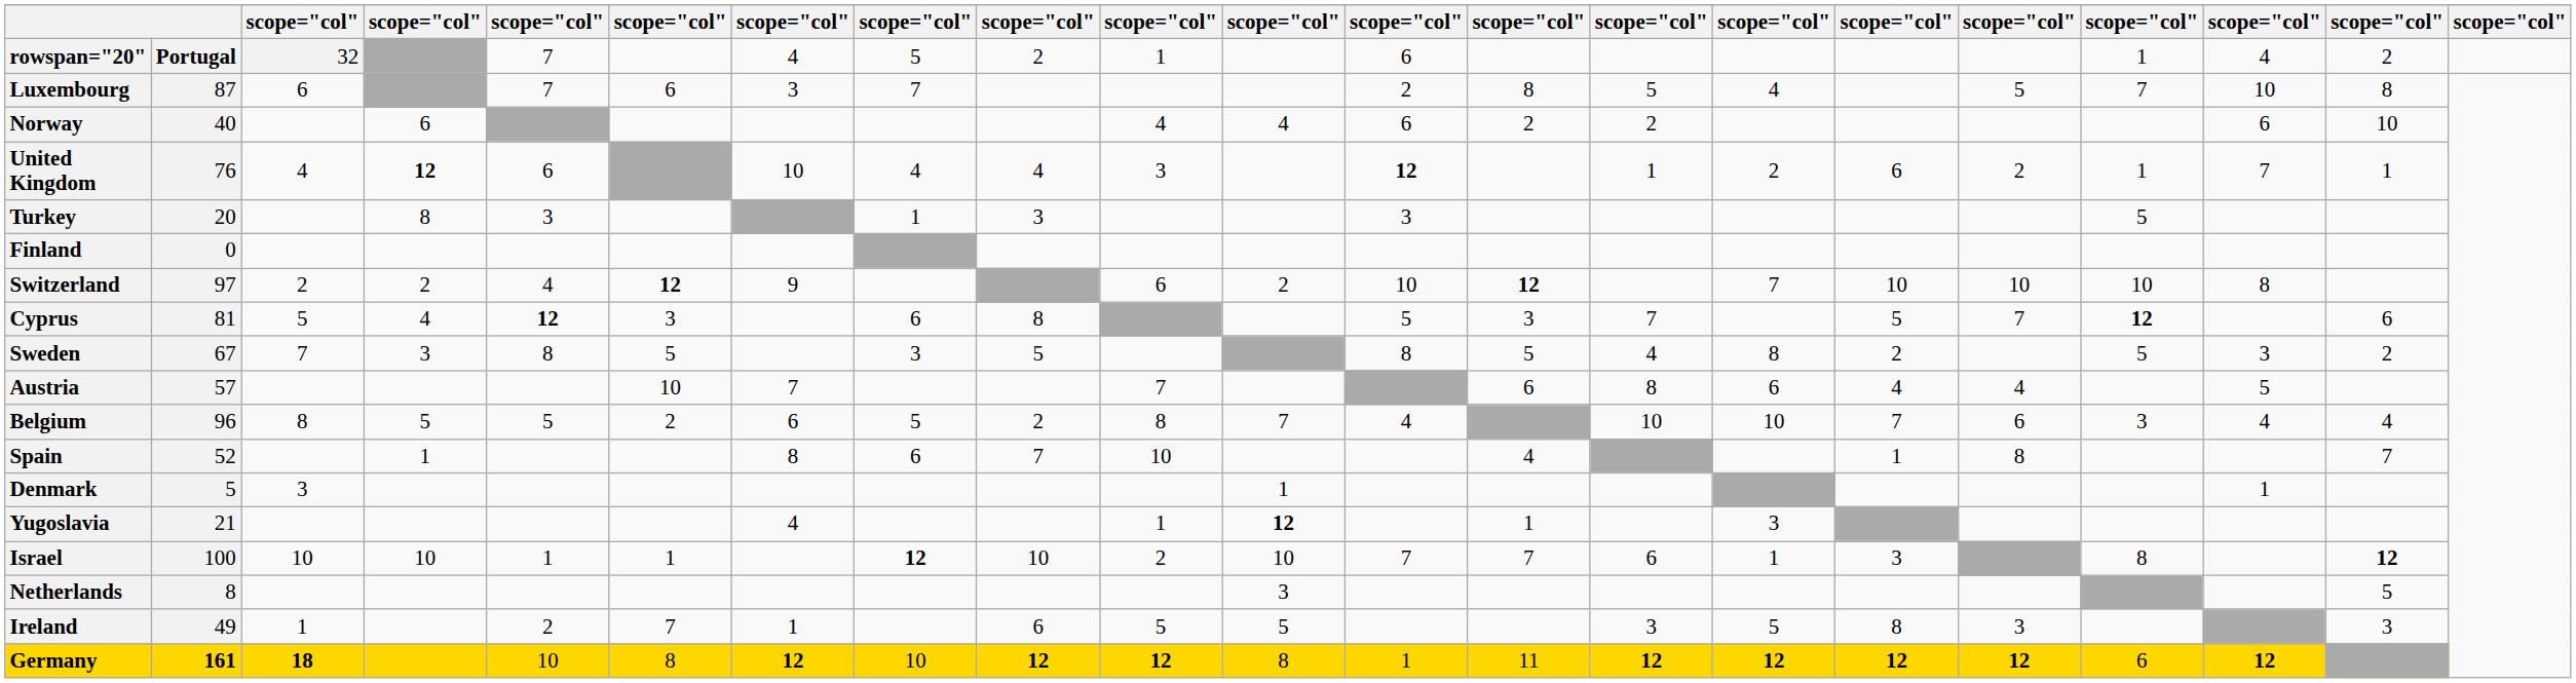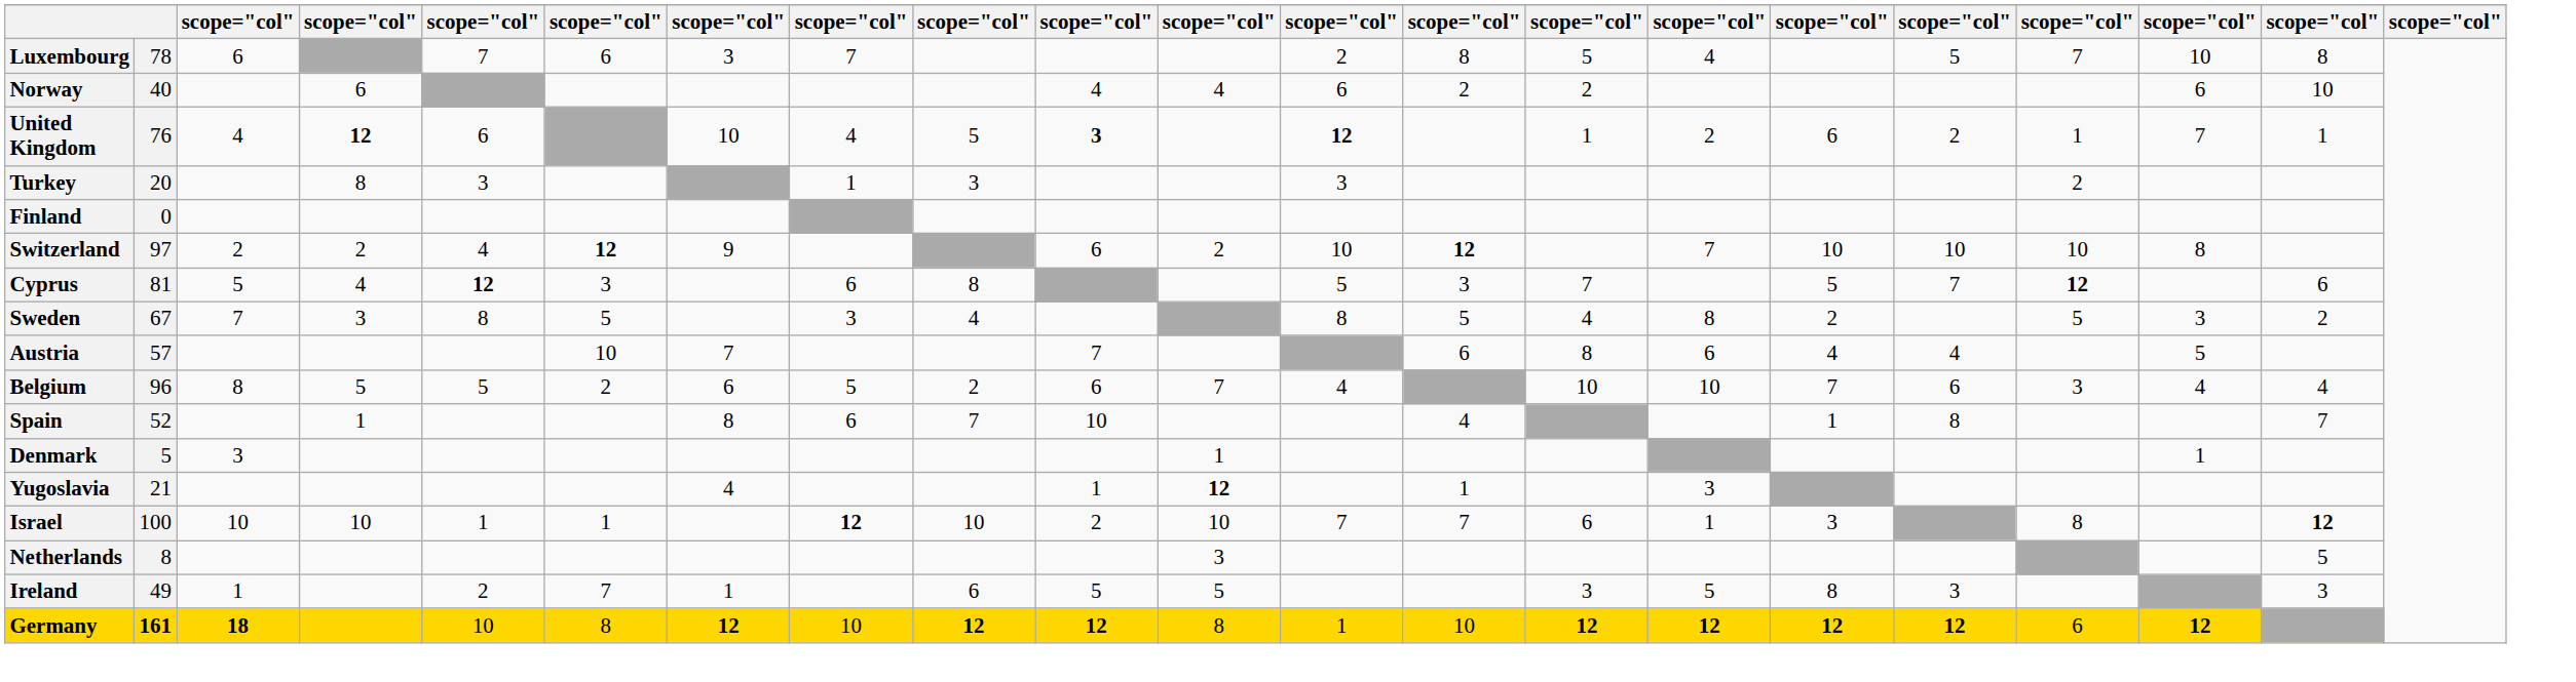 <table class="wikitable plainrowheaders" style="text-align:center;">
 <tr>
 </tr>
 <tr>
 <th colspan="2"></th>
 <th>scope="col" </th>
 <th>scope="col" </th>
 <th>scope="col" </th>
 <th>scope="col" </th>
 <th>scope="col" </th>
 <th>scope="col" </th>
 <th>scope="col" </th>
 <th>scope="col" </th>
 <th>scope="col" </th>
 <th>scope="col" </th>
 <th>scope="col" </th>
 <th>scope="col" </th>
 <th>scope="col" </th>
 <th>scope="col" </th>
 <th>scope="col" </th>
 <th>scope="col" </th>
 <th>scope="col" </th>
 <th>scope="col" </th>
 <th>scope="col" </th>
 </tr>
 <tr>
-<th>rowspan="20" </th>
-<th scope="row" style="text-align:left; background:#f2f2f2;">Portugal</th>
-<td style="text-align:right; background:#f2f2f2;">32</td>
-<td style="text-align:left; background:#aaaaaa;"></td>
-<td>7</td>
-<td></td>
-<td>4</td>
-<td>5</td>
-<td>2</td>
-<td>1</td>
-<td></td>
-<td>6</td>
-<td></td>
-<td></td>
-<td></td>
-<td></td>
-<td></td>
-<td>1</td>
-<td>4</td>
-<td>2</td>
-<td></td>
-</tr>
-<tr>
 <th scope="row" style="text-align:left; background:#f2f2f2;">Luxembourg</th>
-<td style="text-align:right; background:#f2f2f2;">87</td>
+<td style="text-align:right; background:#f2f2f2;">78</td>
 <td>6</td>
 <td style="text-align:left; background:#aaaaaa;"></td>
 <td>7</td>
 <td>6</td>
 <td>3</td>
 <td>7</td>
 <td></td>
 <td></td>
 <td></td>
 <td>2</td>
 <td>8</td>
 <td>5</td>
 <td>4</td>
 <td></td>
 <td>5</td>
 <td>7</td>
 <td>10</td>
 <td>8</td>
 </tr>
 <tr>
 <th scope="row" style="text-align:left; background:#f2f2f2;">Norway</th>
 <td style="text-align:right; background:#f2f2f2;">40</td>
 <td></td>
 <td>6</td>
 <td style="text-align:left; background:#aaaaaa;"></td>
 <td></td>
 <td></td>
 <td></td>
 <td></td>
 <td>4</td>
 <td>4</td>
 <td>6</td>
 <td>2</td>
 <td>2</td>
 <td></td>
 <td></td>
 <td></td>
 <td></td>
 <td>6</td>
 <td>10</td>
 </tr>
 <tr>
 <th scope="row" style="text-align:left; background:#f2f2f2;">United Kingdom</th>
 <td style="text-align:right; background:#f2f2f2;">76</td>
 <td>4</td>
 <td><strong>12</strong></td>
 <td>6</td>
 <td style="text-align:left; background:#aaaaaa;"></td>
 <td>10</td>
 <td>4</td>
-<td>4</td>
-<td>3</td>
+<td>5</td>
+<td><strong>3</strong></td>
 <td></td>
 <td><strong>12</strong></td>
 <td></td>
 <td>1</td>
 <td>2</td>
 <td>6</td>
 <td>2</td>
 <td>1</td>
 <td>7</td>
 <td>1</td>
 </tr>
 <tr>
 <th scope="row" style="text-align:left; background:#f2f2f2;">Turkey</th>
 <td style="text-align:right; background:#f2f2f2;">20</td>
 <td></td>
 <td>8</td>
 <td>3</td>
 <td></td>
 <td style="text-align:left; background:#aaaaaa;"></td>
 <td>1</td>
 <td>3</td>
 <td></td>
 <td></td>
 <td>3</td>
 <td></td>
 <td></td>
 <td></td>
 <td></td>
 <td></td>
-<td>5</td>
+<td>2</td>
 <td></td>
 <td></td>
 </tr>
 <tr>
 <th scope="row" style="text-align:left; background:#f2f2f2;">Finland</th>
 <td style="text-align:right; background:#f2f2f2;">0</td>
 <td></td>
 <td></td>
 <td></td>
 <td></td>
 <td></td>
 <td style="text-align:left; background:#aaaaaa;"></td>
 <td></td>
 <td></td>
 <td></td>
 <td></td>
 <td></td>
 <td></td>
 <td></td>
 <td></td>
 <td></td>
 <td></td>
 <td></td>
 <td></td>
 </tr>
 <tr>
 <th scope="row" style="text-align:left; background:#f2f2f2;">Switzerland</th>
 <td style="text-align:right; background:#f2f2f2;">97</td>
 <td>2</td>
 <td>2</td>
 <td>4</td>
 <td><strong>12</strong></td>
 <td>9</td>
 <td></td>
 <td style="text-align:left; background:#aaaaaa;"></td>
 <td>6</td>
 <td>2</td>
 <td>10</td>
 <td><strong>12</strong></td>
 <td></td>
 <td>7</td>
 <td>10</td>
 <td>10</td>
 <td>10</td>
 <td>8</td>
 <td></td>
 </tr>
 <tr>
 <th scope="row" style="text-align:left; background:#f2f2f2;">Cyprus</th>
 <td style="text-align:right; background:#f2f2f2;">81</td>
 <td>5</td>
 <td>4</td>
 <td><strong>12</strong></td>
 <td>3</td>
 <td></td>
 <td>6</td>
 <td>8</td>
 <td style="text-align:left; background:#aaaaaa;"></td>
 <td></td>
 <td>5</td>
 <td>3</td>
 <td>7</td>
 <td></td>
 <td>5</td>
 <td>7</td>
 <td><strong>12</strong></td>
 <td></td>
 <td>6</td>
 </tr>
 <tr>
 <th scope="row" style="text-align:left; background:#f2f2f2;">Sweden</th>
 <td style="text-align:right; background:#f2f2f2;">67</td>
 <td>7</td>
 <td>3</td>
 <td>8</td>
 <td>5</td>
 <td></td>
 <td>3</td>
-<td>5</td>
+<td>4</td>
 <td></td>
 <td style="text-align:left; background:#aaaaaa;"></td>
 <td>8</td>
 <td>5</td>
 <td>4</td>
 <td>8</td>
 <td>2</td>
 <td></td>
 <td>5</td>
 <td>3</td>
 <td>2</td>
 </tr>
 <tr>
 <th scope="row" style="text-align:left; background:#f2f2f2;">Austria</th>
 <td style="text-align:right; background:#f2f2f2;">57</td>
 <td></td>
 <td></td>
 <td></td>
 <td>10</td>
 <td>7</td>
 <td></td>
 <td></td>
 <td>7</td>
 <td></td>
 <td style="text-align:left; background:#aaaaaa;"></td>
 <td>6</td>
 <td>8</td>
 <td>6</td>
 <td>4</td>
 <td>4</td>
 <td></td>
 <td>5</td>
 <td></td>
 </tr>
 <tr>
 <th scope="row" style="text-align:left; background:#f2f2f2;">Belgium</th>
 <td style="text-align:right; background:#f2f2f2;">96</td>
 <td>8</td>
 <td>5</td>
 <td>5</td>
 <td>2</td>
 <td>6</td>
 <td>5</td>
 <td>2</td>
-<td>8</td>
+<td>6</td>
 <td>7</td>
 <td>4</td>
 <td style="text-align:left; background:#aaaaaa;"></td>
 <td>10</td>
 <td>10</td>
 <td>7</td>
 <td>6</td>
 <td>3</td>
 <td>4</td>
 <td>4</td>
 </tr>
 <tr>
 <th scope="row" style="text-align:left; background:#f2f2f2;">Spain</th>
 <td style="text-align:right; background:#f2f2f2;">52</td>
 <td></td>
 <td>1</td>
 <td></td>
 <td></td>
 <td>8</td>
 <td>6</td>
 <td>7</td>
 <td>10</td>
 <td></td>
 <td></td>
 <td>4</td>
 <td style="text-align:left; background:#aaaaaa;"></td>
 <td></td>
 <td>1</td>
 <td>8</td>
 <td></td>
 <td></td>
 <td>7</td>
 </tr>
 <tr>
 <th scope="row" style="text-align:left; background:#f2f2f2;">Denmark</th>
 <td style="text-align:right; background:#f2f2f2;">5</td>
 <td>3</td>
 <td></td>
 <td></td>
 <td></td>
 <td></td>
 <td></td>
 <td></td>
 <td></td>
 <td>1</td>
 <td></td>
 <td></td>
 <td></td>
 <td style="text-align:left; background:#aaaaaa;"></td>
 <td></td>
 <td></td>
 <td></td>
 <td>1</td>
 <td></td>
 </tr>
 <tr>
 <th scope="row" style="text-align:left; background:#f2f2f2;">Yugoslavia</th>
 <td style="text-align:right; background:#f2f2f2;">21</td>
 <td></td>
 <td></td>
 <td></td>
 <td></td>
 <td>4</td>
 <td></td>
 <td></td>
 <td>1</td>
 <td><strong>12</strong></td>
 <td></td>
 <td>1</td>
 <td></td>
 <td>3</td>
 <td style="text-align:left; background:#aaaaaa;"></td>
 <td></td>
 <td></td>
 <td></td>
 <td></td>
 </tr>
 <tr>
 <th scope="row" style="text-align:left; background:#f2f2f2;">Israel</th>
 <td style="text-align:right; background:#f2f2f2;">100</td>
 <td>10</td>
 <td>10</td>
 <td>1</td>
 <td>1</td>
 <td></td>
 <td><strong>12</strong></td>
 <td>10</td>
 <td>2</td>
 <td>10</td>
 <td>7</td>
 <td>7</td>
 <td>6</td>
 <td>1</td>
 <td>3</td>
 <td style="text-align:left; background:#aaaaaa;"></td>
 <td>8</td>
 <td></td>
 <td><strong>12</strong></td>
 </tr>
 <tr>
 <th scope="row" style="text-align:left; background:#f2f2f2;">Netherlands</th>
 <td style="text-align:right; background:#f2f2f2;">8</td>
 <td></td>
 <td></td>
 <td></td>
 <td></td>
 <td></td>
 <td></td>
 <td></td>
 <td></td>
 <td>3</td>
 <td></td>
 <td></td>
 <td></td>
 <td></td>
 <td></td>
 <td></td>
 <td style="text-align:left; background:#aaaaaa;"></td>
 <td></td>
 <td>5</td>
 </tr>
 <tr>
 <th scope="row" style="text-align:left; background:#f2f2f2;">Ireland</th>
 <td style="text-align:right; background:#f2f2f2;">49</td>
 <td>1</td>
 <td></td>
 <td>2</td>
 <td>7</td>
 <td>1</td>
 <td></td>
 <td>6</td>
 <td>5</td>
 <td>5</td>
 <td></td>
 <td></td>
 <td>3</td>
 <td>5</td>
 <td>8</td>
 <td>3</td>
 <td></td>
 <td style="text-align:left; background:#aaaaaa;"></td>
 <td>3</td>
 </tr>
 <tr style="background:gold;">
 <th scope="row" style="text-align:left; font-weight:bold; background:gold;">Germany</th>
 <td style="text-align:right; font-weight:bold;">161</td>
 <td><strong>18</strong></td>
 <td></td>
 <td>10</td>
 <td>8</td>
 <td><strong>12</strong></td>
 <td>10</td>
 <td><strong>12</strong></td>
 <td><strong>12</strong></td>
 <td>8</td>
 <td>1</td>
-<td>11</td>
+<td>10</td>
 <td><strong>12</strong></td>
 <td><strong>12</strong></td>
 <td><strong>12</strong></td>
 <td><strong>12</strong></td>
 <td>6</td>
 <td><strong>12</strong></td>
 <td style="text-align:left; background:#aaaaaa;"></td>
 </tr>
 </table>
